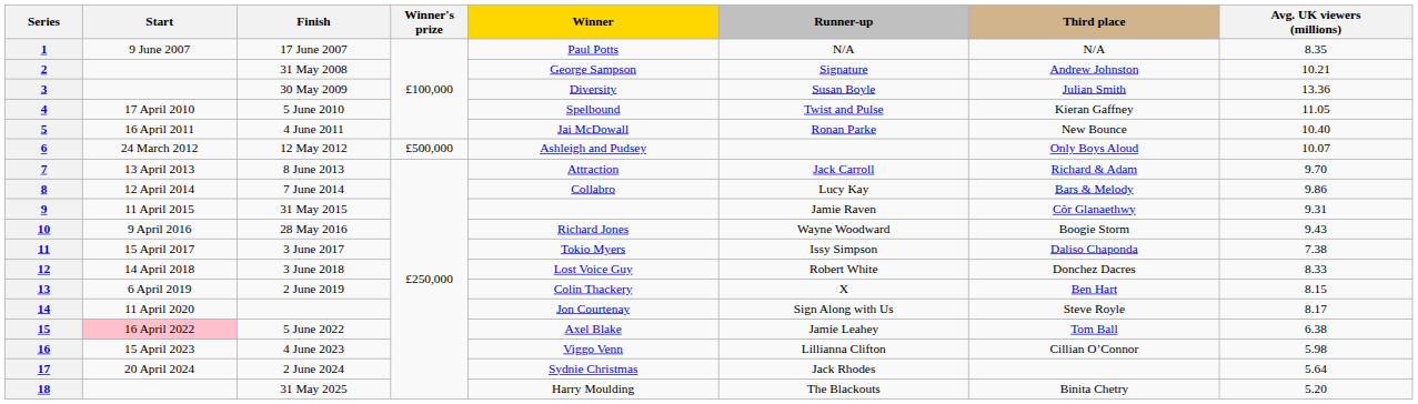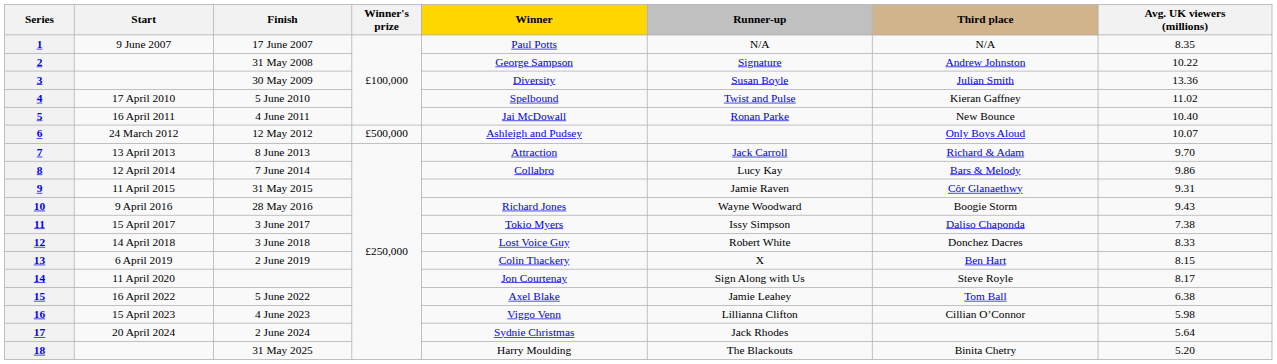 <table class="wikitable" style="margin-left: auto; margin-right: auto; border: none; text-align:center; font-size:100%; width: 90%;">
 <tr>
 <th style="width:4%;">Series</th>
 <th style="width:8%;">Start</th>
 <th style="width:8%;">Finish</th>
 <th style="width:4%;">Winner's prize </th>
 <th style="width:13%; background:gold;" align="center">Winner</th>
 <th style="width:13%; background:silver;" align="center">Runner-up</th>
 <th style="width:13%; background:tan;" align="center">Third place</th>
 <th style="width:10%;">Avg. UK viewers<br>(millions)</th>
 </tr>
 <tr>
 <th scope="row"><a href='#'>1</a></th>
 <td>9 June 2007</td>
 <td>17 June 2007</td>
 <td rowspan="5">£100,000</td>
 <td><a href='#'>Paul Potts</a></td>
 <td>N/A</td>
 <td>N/A</td>
 <td>8.35</td>
 </tr>
 <tr>
 <th scope="row"><a href='#'>2</a></th>
 <td></td>
 <td>31 May 2008</td>
 <td><a href='#'>George Sampson</a></td>
 <td><a href='#'>Signature</a></td>
 <td><a href='#'>Andrew Johnston</a></td>
-<td>10.21</td>
+<td>10.22</td>
 </tr>
 <tr>
 <th scope="row"><a href='#'>3</a></th>
 <td></td>
 <td>30 May 2009</td>
 <td><a href='#'>Diversity</a></td>
 <td><a href='#'>Susan Boyle</a></td>
 <td><a href='#'>Julian Smith</a></td>
 <td>13.36</td>
 </tr>
 <tr>
 <th scope="row"><a href='#'>4</a></th>
 <td>17 April 2010</td>
 <td>5 June 2010</td>
 <td><a href='#'>Spelbound</a></td>
 <td><a href='#'>Twist and Pulse</a></td>
 <td>Kieran Gaffney</td>
-<td>11.05</td>
+<td>11.02</td>
 </tr>
 <tr>
 <th scope="row"><a href='#'>5</a></th>
 <td>16 April 2011</td>
 <td>4 June 2011</td>
 <td><a href='#'>Jai McDowall</a></td>
 <td><a href='#'>Ronan Parke</a></td>
 <td>New Bounce</td>
 <td>10.40</td>
 </tr>
 <tr>
 <th scope="row"><a href='#'>6</a></th>
 <td nowrap>24 March 2012</td>
 <td>12 May 2012</td>
 <td>£500,000</td>
 <td><a href='#'>Ashleigh and Pudsey</a></td>
 <td></td>
 <td><a href='#'>Only Boys Aloud</a></td>
 <td>10.07</td>
 </tr>
 <tr>
 <th scope="row"><a href='#'>7</a></th>
 <td>13 April 2013</td>
 <td>8 June 2013</td>
 <td rowspan="12">£250,000</td>
 <td> <a href='#'>Attraction</a></td>
 <td><a href='#'>Jack Carroll</a></td>
 <td><a href='#'>Richard & Adam</a></td>
 <td>9.70</td>
 </tr>
 <tr>
 <th scope="row"><a href='#'>8</a></th>
 <td>12 April 2014</td>
 <td>7 June 2014</td>
 <td><a href='#'>Collabro</a></td>
 <td>Lucy Kay</td>
 <td><a href='#'>Bars & Melody</a></td>
 <td>9.86</td>
 </tr>
 <tr>
 <th scope="row"><a href='#'>9</a></th>
 <td>11 April 2015</td>
 <td>31 May 2015</td>
 <td></td>
 <td>Jamie Raven</td>
 <td><a href='#'>Côr Glanaethwy</a></td>
 <td>9.31</td>
 </tr>
 <tr>
 <th scope="row"><a href='#'>10</a></th>
 <td>9 April 2016</td>
 <td>28 May 2016</td>
 <td><a href='#'>Richard Jones</a></td>
 <td>Wayne Woodward</td>
 <td>Boogie Storm</td>
 <td>9.43</td>
 </tr>
 <tr>
 <th scope="row"><a href='#'>11</a></th>
 <td>15 April 2017</td>
 <td>3 June 2017</td>
 <td><a href='#'>Tokio Myers</a></td>
 <td Issy_Simpson>Issy Simpson</td>
 <td> <a href='#'>Daliso Chaponda</a></td>
 <td>7.38</td>
 </tr>
 <tr>
 <th !scope="row"><a href='#'>12</a></th>
 <td>14 April 2018</td>
 <td>3 June 2018</td>
 <td><a href='#'>Lost Voice Guy</a></td>
 <td>Robert White</td>
 <td> Donchez Dacres</td>
 <td>8.33</td>
 </tr>
 <tr>
 <th !scope="row"><a href='#'>13</a></th>
 <td>6 April 2019</td>
 <td>2 June 2019</td>
 <td><a href='#'>Colin Thackery</a></td>
 <td>X</td>
 <td><a href='#'>Ben Hart</a></td>
 <td>8.15</td>
 </tr>
 <tr>
 <th !scope="row"><a href='#'>14</a></th>
 <td>11 April 2020</td>
 <td></td>
 <td><a href='#'>Jon Courtenay</a></td>
 <td>Sign Along with Us</td>
 <td>Steve Royle</td>
 <td>8.17</td>
 </tr>
 <tr>
 <th !scope="row"><a href='#'>15</a></th>
-<td style="background: pink;">16 April 2022</td>
+<td>16 April 2022</td>
 <td>5 June 2022</td>
 <td><a href='#'>Axel Blake</a></td>
 <td>Jamie Leahey</td>
 <td><a href='#'>Tom Ball</a></td>
 <td>6.38</td>
 </tr>
 <tr>
 <th !scope="row"><a href='#'>16</a></th>
 <td>15 April 2023</td>
 <td>4 June 2023</td>
 <td> <a href='#'>Viggo Venn</a></td>
 <td>Lillianna Clifton</td>
 <td> Cillian O’Connor</td>
 <td>5.98</td>
 </tr>
 <tr>
 <th !scope="row"><a href='#'>17</a></th>
 <td>20 April 2024</td>
 <td>2 June 2024</td>
 <td><a href='#'>Sydnie Christmas</a></td>
 <td>Jack Rhodes</td>
 <td></td>
 <td>5.64</td>
 </tr>
 <tr>
 <th !scope="row"><a href='#'>18</a></th>
 <td></td>
 <td>31 May 2025</td>
 <td>Harry Moulding</td>
 <td> The Blackouts</td>
 <td> Binita Chetry</td>
 <td>5.20</td>
 </tr>
 </table>
